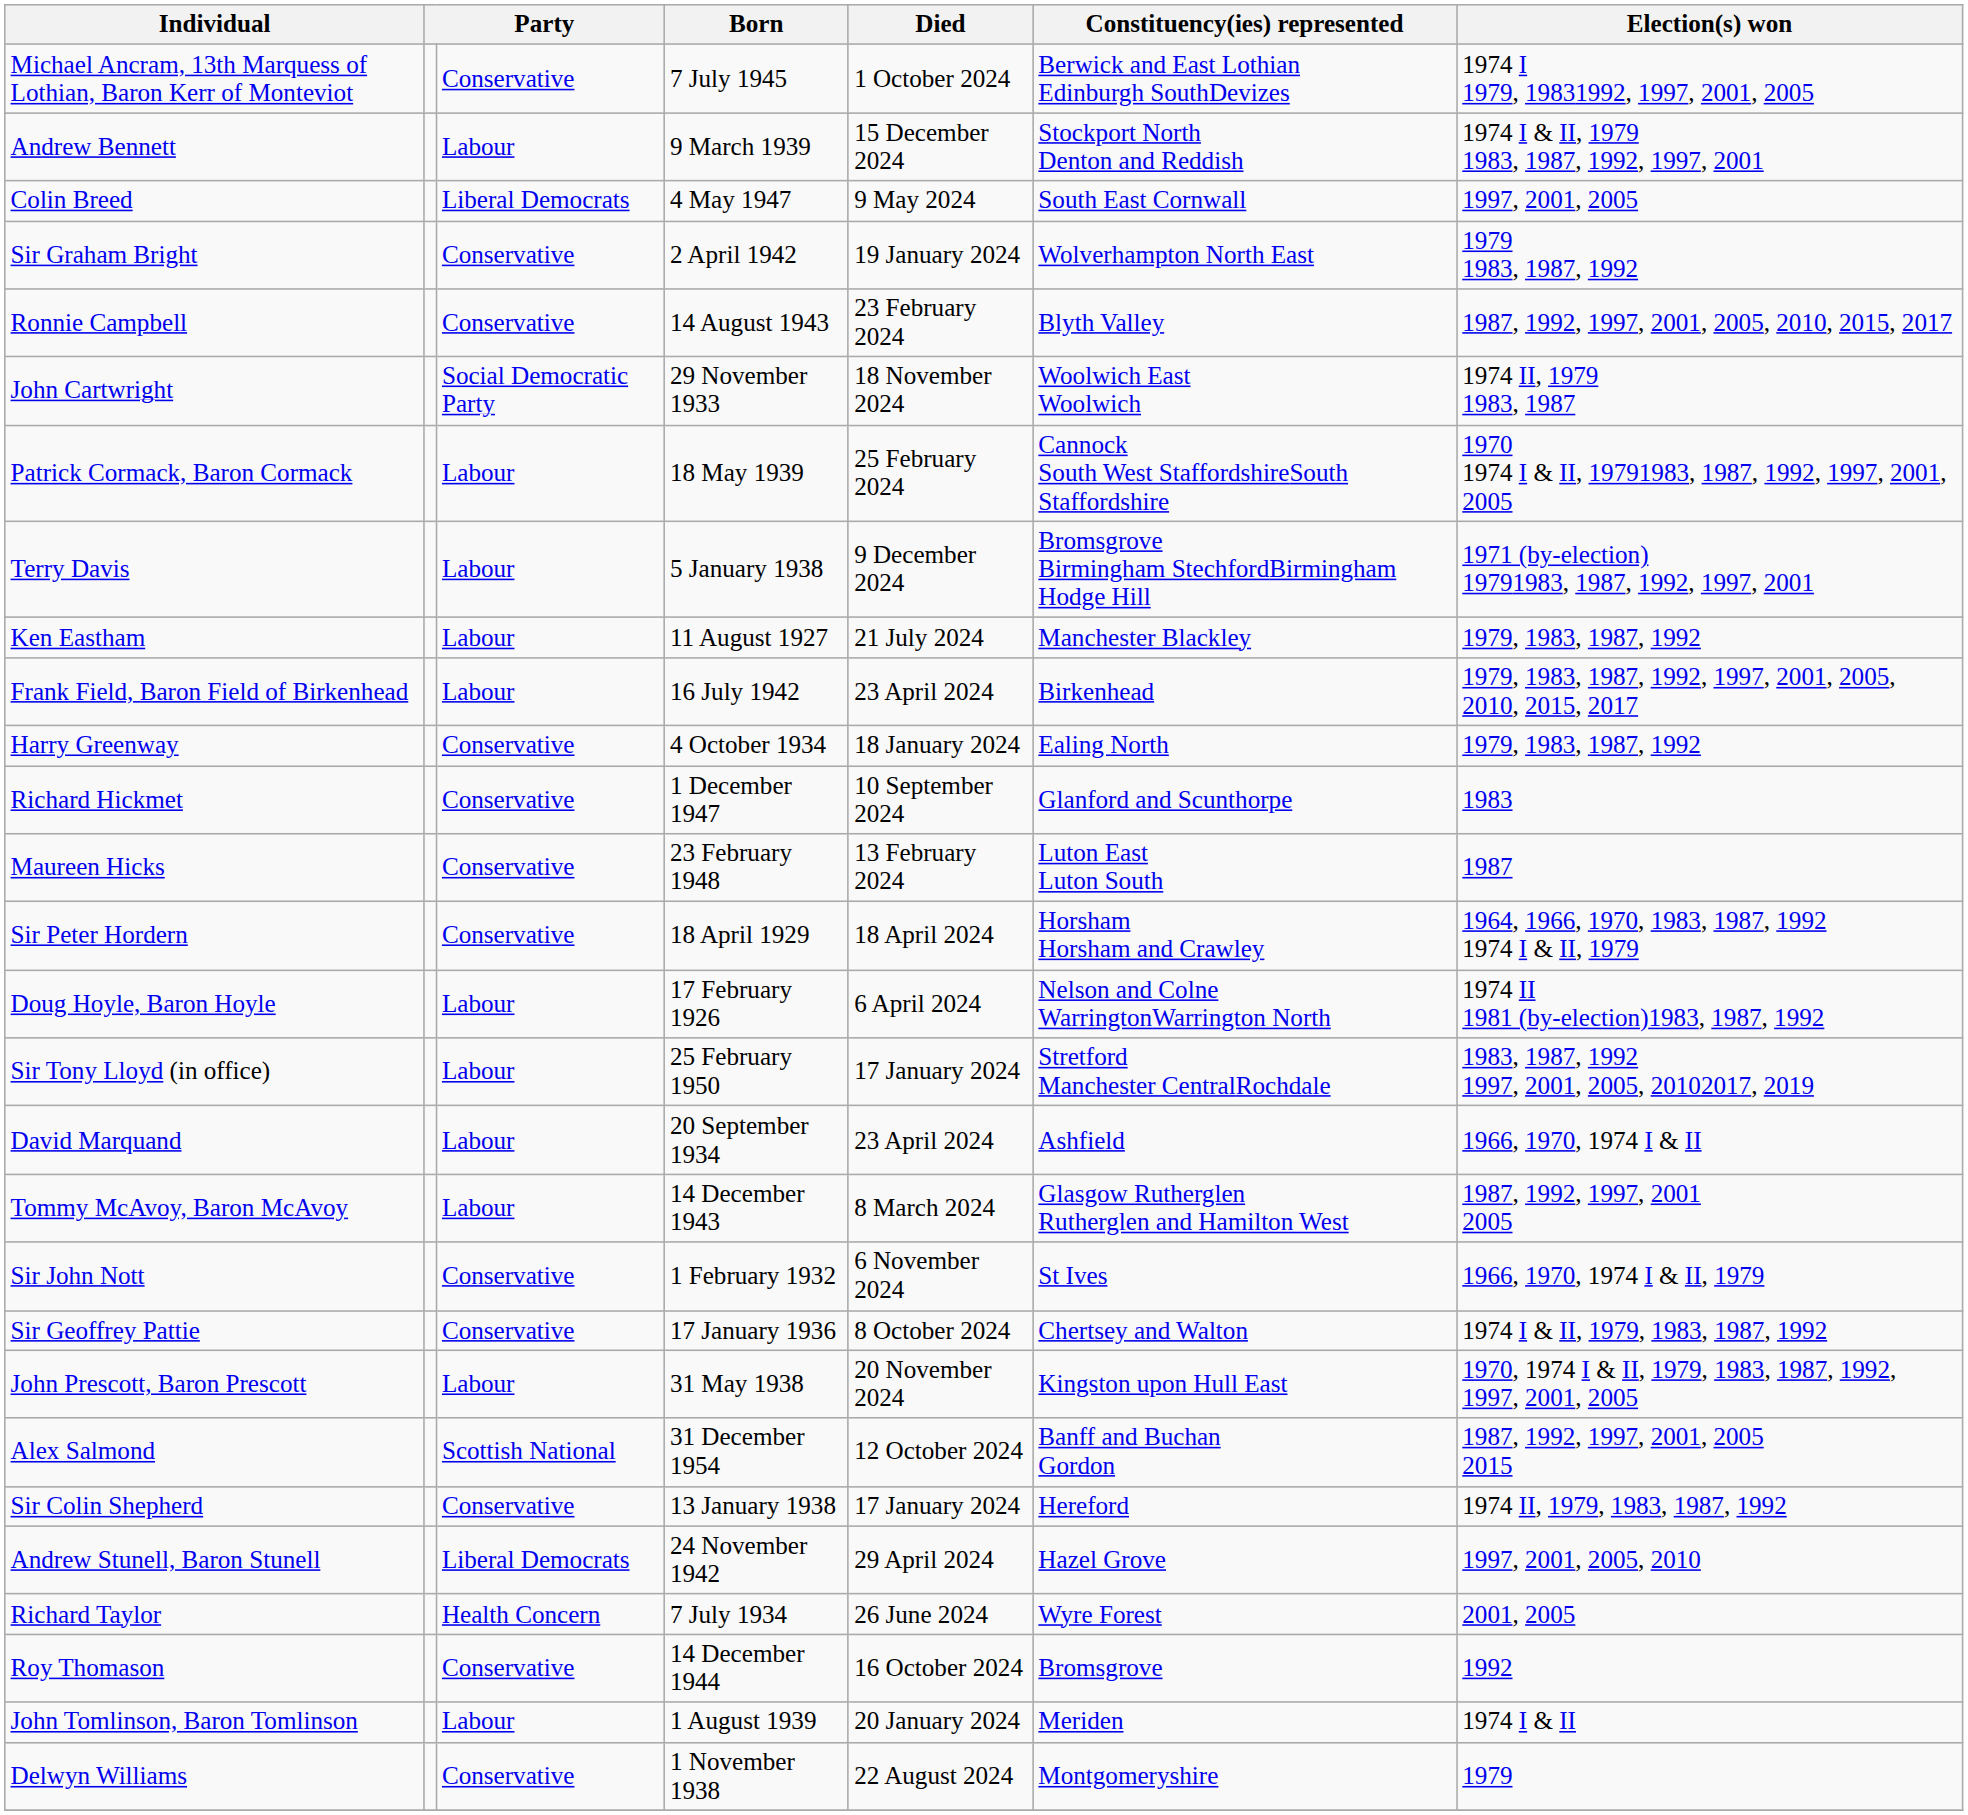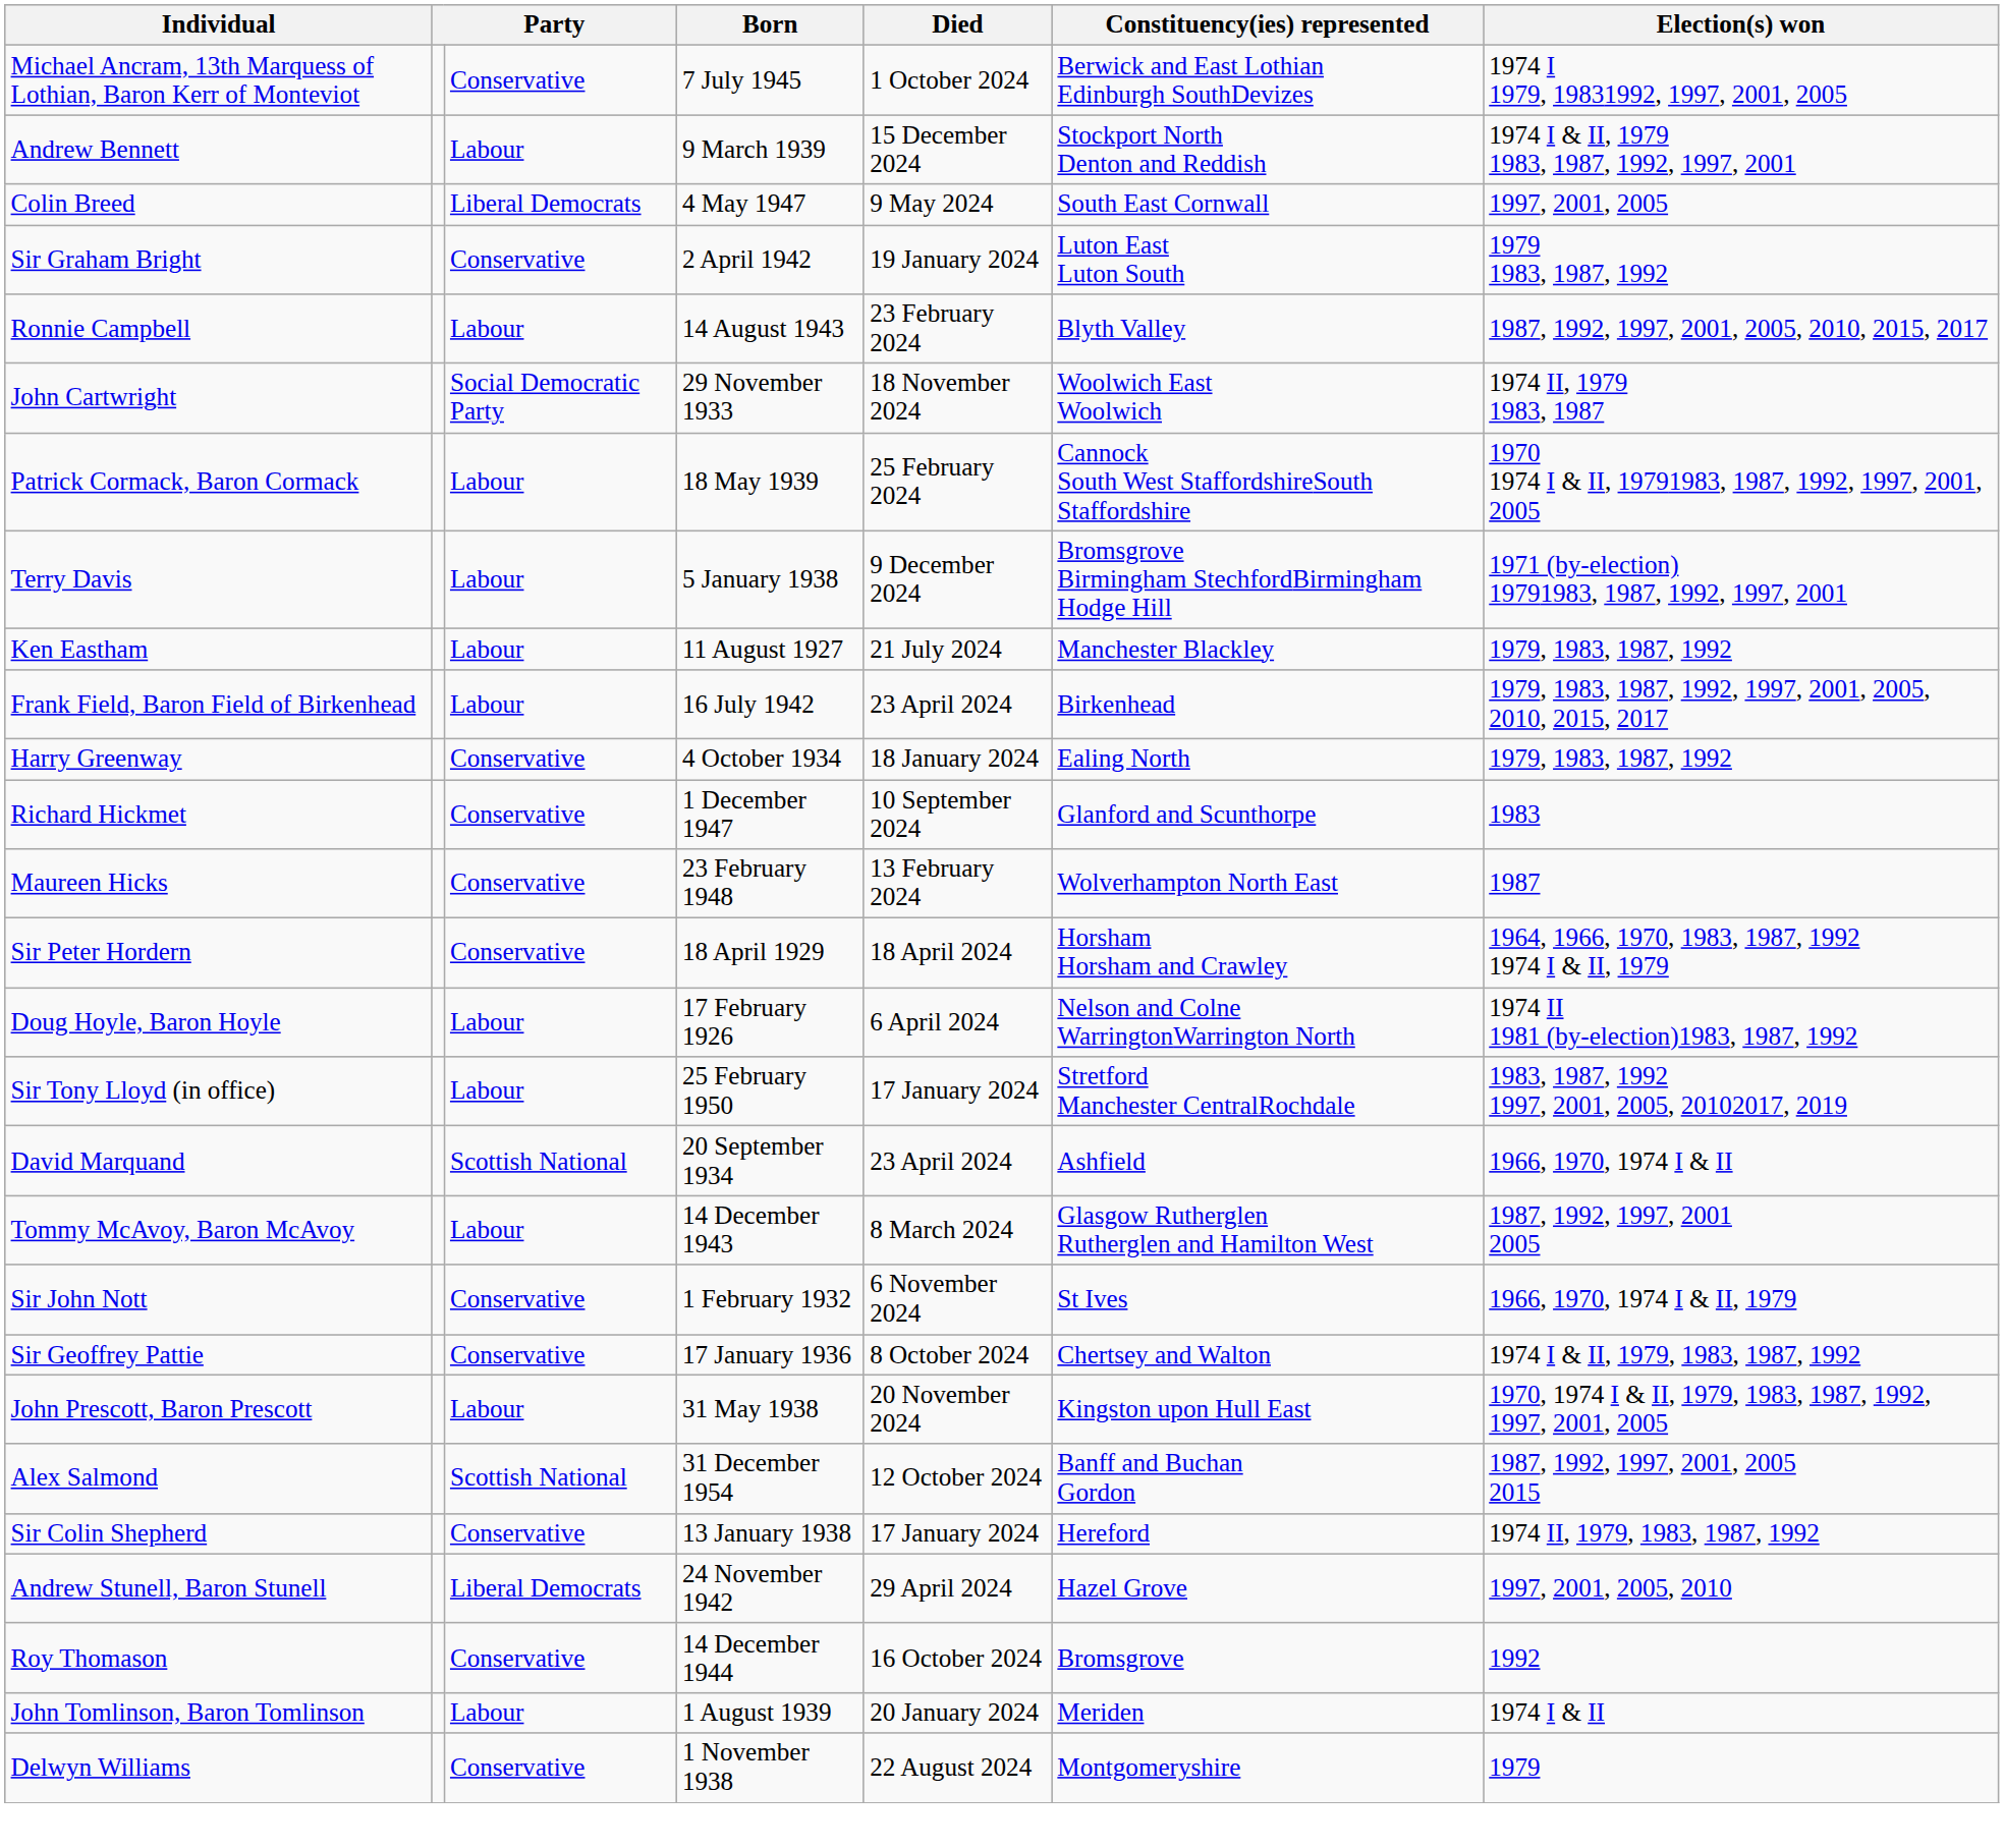 <table class="wikitable sortable">
 <tr>
 <th width="260px">Individual</th>
 <th colspan="2">Party</th>
 <th>Born</th>
 <th>Died</th>
 <th>Constituency(ies) represented</th>
 <th>Election(s) won</th>
 </tr>
 <tr>
 <td><a href='#'>Michael Ancram, 13th Marquess of Lothian, Baron Kerr of Monteviot</a></td>
 <td style="background-color: "></td>
 <td><a href='#'>Conservative</a></td>
 <td>7 July 1945</td>
 <td>1 October 2024</td>
 <td><a href='#'>Berwick and East Lothian</a><br><a href='#'>Edinburgh South</a><a href='#'>Devizes</a></td>
 <td>1974 <a href='#'>I</a><br><a href='#'>1979</a>, <a href='#'>1983</a><a href='#'>1992</a>, <a href='#'>1997</a>, <a href='#'>2001</a>, <a href='#'>2005</a></td>
 </tr>
 <tr>
 <td><a href='#'>Andrew Bennett</a></td>
 <td style="background-color: "></td>
 <td><a href='#'>Labour</a></td>
 <td>9 March 1939</td>
 <td>15 December 2024</td>
 <td><a href='#'>Stockport North</a><br><a href='#'>Denton and Reddish</a></td>
 <td>1974 <a href='#'>I</a> & <a href='#'>II</a>, <a href='#'>1979</a><br><a href='#'>1983</a>, <a href='#'>1987</a>, <a href='#'>1992</a>, <a href='#'>1997</a>, <a href='#'>2001</a></td>
 </tr>
 <tr>
 <td><a href='#'>Colin Breed</a></td>
 <td style="background-color: "></td>
 <td><a href='#'>Liberal Democrats</a></td>
 <td>4 May 1947</td>
 <td>9 May 2024</td>
 <td><a href='#'>South East Cornwall</a></td>
 <td><a href='#'>1997</a>, <a href='#'>2001</a>, <a href='#'>2005</a></td>
 </tr>
 <tr>
 <td><a href='#'>Sir Graham Bright</a></td>
 <td style="background-color: "></td>
 <td><a href='#'>Conservative</a></td>
 <td>2 April 1942</td>
 <td>19 January 2024</td>
-<td><a href='#'>Wolverhampton North East</a></td>
+<td><a href='#'>Luton East</a><br><a href='#'>Luton South</a></td>
 <td><a href='#'>1979</a><br><a href='#'>1983</a>, <a href='#'>1987</a>, <a href='#'>1992</a></td>
 </tr>
 <tr>
 <td><a href='#'>Ronnie Campbell</a></td>
 <td style="background-color: "></td>
-<td><a href='#'>Conservative</a></td>
+<td><a href='#'>Labour</a></td>
 <td>14 August 1943</td>
 <td>23 February 2024</td>
 <td><a href='#'>Blyth Valley</a></td>
 <td><a href='#'>1987</a>, <a href='#'>1992</a>, <a href='#'>1997</a>, <a href='#'>2001</a>, <a href='#'>2005</a>, <a href='#'>2010</a>, <a href='#'>2015</a>, <a href='#'>2017</a></td>
 </tr>
 <tr>
 <td><a href='#'>John Cartwright</a></td>
 <td style="background-color: "></td>
 <td><a href='#'>Social Democratic Party</a></td>
 <td>29 November 1933</td>
 <td>18 November 2024</td>
 <td><a href='#'>Woolwich East</a><br><a href='#'>Woolwich</a></td>
 <td>1974 <a href='#'>II</a>, <a href='#'>1979</a><br><a href='#'>1983</a>, <a href='#'>1987</a></td>
 </tr>
 <tr>
 <td><a href='#'>Patrick Cormack, Baron Cormack</a></td>
 <td style="background-color: "></td>
 <td><a href='#'>Labour</a></td>
 <td>18 May 1939</td>
 <td>25 February 2024</td>
 <td><a href='#'>Cannock</a><br><a href='#'>South West Staffordshire</a><a href='#'>South Staffordshire</a></td>
 <td><a href='#'>1970</a><br>1974 <a href='#'>I</a> & <a href='#'>II</a>, <a href='#'>1979</a><a href='#'>1983</a>, <a href='#'>1987</a>, <a href='#'>1992</a>, <a href='#'>1997</a>, <a href='#'>2001</a>, <a href='#'>2005</a></td>
 </tr>
 <tr>
 <td><a href='#'>Terry Davis</a></td>
 <td style="background-color: "></td>
 <td><a href='#'>Labour</a></td>
 <td>5 January 1938</td>
 <td>9 December 2024</td>
 <td><a href='#'>Bromsgrove</a><br><a href='#'>Birmingham Stechford</a><a href='#'>Birmingham Hodge Hill</a></td>
 <td><a href='#'>1971 (by-election)</a><br><a href='#'>1979</a><a href='#'>1983</a>, <a href='#'>1987</a>, <a href='#'>1992</a>, <a href='#'>1997</a>, <a href='#'>2001</a></td>
 </tr>
 <tr>
 <td><a href='#'>Ken Eastham</a></td>
 <td style="background-color: "></td>
 <td><a href='#'>Labour</a></td>
 <td>11 August 1927</td>
 <td>21 July 2024</td>
 <td><a href='#'>Manchester Blackley</a></td>
 <td><a href='#'>1979</a>, <a href='#'>1983</a>, <a href='#'>1987</a>, <a href='#'>1992</a></td>
 </tr>
 <tr>
 <td><a href='#'>Frank Field, Baron Field of Birkenhead</a></td>
 <td style="background-color: "></td>
 <td><a href='#'>Labour</a></td>
 <td>16 July 1942</td>
 <td>23 April 2024</td>
 <td><a href='#'>Birkenhead</a></td>
 <td><a href='#'>1979</a>, <a href='#'>1983</a>, <a href='#'>1987</a>, <a href='#'>1992</a>, <a href='#'>1997</a>, <a href='#'>2001</a>, <a href='#'>2005</a>, <a href='#'>2010</a>, <a href='#'>2015</a>, <a href='#'>2017</a></td>
 </tr>
 <tr>
 <td><a href='#'>Harry Greenway</a></td>
 <td style="background-color: "></td>
 <td><a href='#'>Conservative</a></td>
 <td>4 October 1934</td>
 <td>18 January 2024</td>
 <td><a href='#'>Ealing North</a></td>
 <td><a href='#'>1979</a>, <a href='#'>1983</a>, <a href='#'>1987</a>, <a href='#'>1992</a></td>
 </tr>
 <tr>
 <td><a href='#'>Richard Hickmet</a></td>
 <td style="background-color: "></td>
 <td><a href='#'>Conservative</a></td>
 <td>1 December 1947</td>
 <td>10 September 2024</td>
 <td><a href='#'>Glanford and Scunthorpe</a></td>
 <td><a href='#'>1983</a></td>
 </tr>
 <tr>
 <td><a href='#'>Maureen Hicks</a></td>
 <td style="background-color: "></td>
 <td><a href='#'>Conservative</a></td>
 <td>23 February 1948</td>
 <td>13 February 2024</td>
-<td><a href='#'>Luton East</a><br><a href='#'>Luton South</a></td>
+<td><a href='#'>Wolverhampton North East</a></td>
 <td><a href='#'>1987</a></td>
 </tr>
 <tr>
 <td><a href='#'>Sir Peter Hordern</a></td>
 <td style="background-color: "></td>
 <td><a href='#'>Conservative</a></td>
 <td>18 April 1929</td>
 <td>18 April 2024</td>
 <td><a href='#'>Horsham</a><br><a href='#'>Horsham and Crawley</a></td>
 <td><a href='#'>1964</a>, <a href='#'>1966</a>, <a href='#'>1970</a>, <a href='#'>1983</a>, <a href='#'>1987</a>, <a href='#'>1992</a><br>1974 <a href='#'>I</a> & <a href='#'>II</a>, <a href='#'>1979</a></td>
 </tr>
 <tr>
 <td><a href='#'>Doug Hoyle, Baron Hoyle</a></td>
 <td style="background-color: "></td>
 <td><a href='#'>Labour</a></td>
 <td>17 February 1926</td>
 <td>6 April 2024</td>
 <td><a href='#'>Nelson and Colne</a><br><a href='#'>Warrington</a><a href='#'>Warrington North</a></td>
 <td>1974 <a href='#'>II</a><br><a href='#'>1981 (by-election)</a><a href='#'>1983</a>, <a href='#'>1987</a>, <a href='#'>1992</a></td>
 </tr>
 <tr>
 <td><a href='#'>Sir Tony Lloyd</a> (in office)</td>
 <td style="background-color: "></td>
 <td><a href='#'>Labour</a></td>
 <td>25 February 1950</td>
 <td>17 January 2024</td>
 <td><a href='#'>Stretford</a><br><a href='#'>Manchester Central</a><a href='#'>Rochdale</a></td>
 <td><a href='#'>1983</a>, <a href='#'>1987</a>, <a href='#'>1992</a><br><a href='#'>1997</a>, <a href='#'>2001</a>, <a href='#'>2005</a>, <a href='#'>2010</a><a href='#'>2017</a>, <a href='#'>2019</a></td>
 </tr>
 <tr>
 <td><a href='#'>David Marquand</a></td>
 <td style="background-color: "></td>
-<td><a href='#'>Labour</a></td>
+<td><a href='#'>Scottish National</a></td>
 <td>20 September 1934</td>
 <td>23 April 2024</td>
 <td><a href='#'>Ashfield</a></td>
 <td><a href='#'>1966</a>, <a href='#'>1970</a>, 1974 <a href='#'>I</a> & <a href='#'>II</a></td>
 </tr>
 <tr>
 <td><a href='#'>Tommy McAvoy, Baron McAvoy</a></td>
 <td style="background-color: "></td>
 <td><a href='#'>Labour</a></td>
 <td>14 December 1943</td>
 <td>8 March 2024</td>
 <td><a href='#'>Glasgow Rutherglen</a><br><a href='#'>Rutherglen and Hamilton West</a></td>
 <td><a href='#'>1987</a>, <a href='#'>1992</a>, <a href='#'>1997</a>, <a href='#'>2001</a><br><a href='#'>2005</a></td>
 </tr>
 <tr>
 <td><a href='#'>Sir John Nott</a></td>
 <td style="background-color: "></td>
 <td><a href='#'>Conservative</a></td>
 <td>1 February 1932</td>
 <td>6 November 2024</td>
 <td><a href='#'>St Ives</a></td>
 <td><a href='#'>1966</a>, <a href='#'>1970</a>, 1974 <a href='#'>I</a> & <a href='#'>II</a>, <a href='#'>1979</a></td>
 </tr>
 <tr>
 <td><a href='#'>Sir Geoffrey Pattie</a></td>
 <td style="background-color: "></td>
 <td><a href='#'>Conservative</a></td>
 <td>17 January 1936</td>
 <td>8 October 2024</td>
 <td><a href='#'>Chertsey and Walton</a></td>
 <td>1974 <a href='#'>I</a> & <a href='#'>II</a>, <a href='#'>1979</a>, <a href='#'>1983</a>, <a href='#'>1987</a>, <a href='#'>1992</a></td>
 </tr>
 <tr>
 <td><a href='#'>John Prescott, Baron Prescott</a></td>
 <td style="background-color: "></td>
 <td><a href='#'>Labour</a></td>
 <td>31 May 1938</td>
 <td>20 November 2024</td>
 <td><a href='#'>Kingston upon Hull East</a></td>
 <td><a href='#'>1970</a>, 1974 <a href='#'>I</a> & <a href='#'>II</a>, <a href='#'>1979</a>, <a href='#'>1983</a>, <a href='#'>1987</a>, <a href='#'>1992</a>, <a href='#'>1997</a>, <a href='#'>2001</a>, <a href='#'>2005</a></td>
 </tr>
 <tr>
 <td><a href='#'>Alex Salmond</a></td>
 <td style="background-color: "></td>
 <td><a href='#'>Scottish National</a></td>
 <td>31 December 1954</td>
 <td>12 October 2024</td>
 <td><a href='#'>Banff and Buchan</a><br><a href='#'>Gordon</a></td>
 <td><a href='#'>1987</a>, <a href='#'>1992</a>, <a href='#'>1997</a>, <a href='#'>2001</a>, <a href='#'>2005</a><br><a href='#'>2015</a></td>
 </tr>
 <tr>
 <td><a href='#'>Sir Colin Shepherd</a></td>
 <td style="background-color: "></td>
 <td><a href='#'>Conservative</a></td>
 <td>13 January 1938</td>
 <td>17 January 2024</td>
 <td><a href='#'>Hereford</a></td>
 <td>1974 <a href='#'>II</a>, <a href='#'>1979</a>, <a href='#'>1983</a>, <a href='#'>1987</a>, <a href='#'>1992</a></td>
 </tr>
 <tr>
 <td><a href='#'>Andrew Stunell, Baron Stunell</a></td>
 <td style="background-color: "></td>
 <td><a href='#'>Liberal Democrats</a></td>
 <td>24 November 1942</td>
 <td>29 April 2024</td>
 <td><a href='#'>Hazel Grove</a></td>
 <td><a href='#'>1997</a>, <a href='#'>2001</a>, <a href='#'>2005</a>, <a href='#'>2010</a></td>
 </tr>
 <tr>
-<td><a href='#'>Richard Taylor</a></td>
-<td style="background-color: "></td>
-<td><a href='#'>Health Concern</a></td>
-<td>7 July 1934</td>
-<td>26 June 2024</td>
-<td><a href='#'>Wyre Forest</a></td>
-<td><a href='#'>2001</a>, <a href='#'>2005</a></td>
-</tr>
-<tr>
 <td><a href='#'>Roy Thomason</a></td>
 <td style="background-color: "></td>
 <td><a href='#'>Conservative</a></td>
 <td>14 December 1944</td>
 <td>16 October 2024</td>
 <td><a href='#'>Bromsgrove</a></td>
 <td><a href='#'>1992</a></td>
 </tr>
 <tr>
 <td><a href='#'>John Tomlinson, Baron Tomlinson</a></td>
 <td style="background-color: "></td>
 <td><a href='#'>Labour</a></td>
 <td>1 August 1939</td>
 <td>20 January 2024</td>
 <td><a href='#'>Meriden</a></td>
 <td>1974 <a href='#'>I</a> & <a href='#'>II</a></td>
 </tr>
 <tr>
 <td><a href='#'>Delwyn Williams</a></td>
 <td style="background-color: "></td>
 <td><a href='#'>Conservative</a></td>
 <td>1 November 1938</td>
 <td>22 August 2024</td>
 <td><a href='#'>Montgomeryshire</a></td>
 <td><a href='#'>1979</a></td>
 </tr>
 <tr>
 </tr>
 </table>
